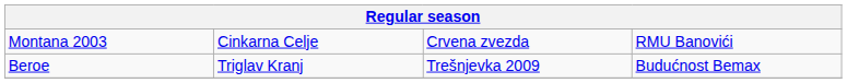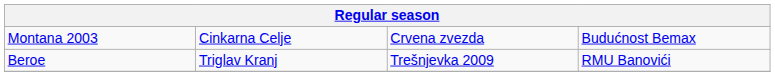 <table class="wikitable" style="white-space: nowrap;">
 <tr>
 <th colspan=4><a href='#'>Regular season</a></th>
 </tr>
 <tr>
 <td width=210> <a href='#'>Montana 2003</a></td>
 <td width=210> <a href='#'>Cinkarna Celje</a></td>
 <td width=210> <a href='#'>Crvena zvezda</a></td>
-<td width=210> <a href='#'>RMU Banovići</a></td>
+<td width=210> <a href='#'>Budućnost Bemax</a></td>
 </tr>
 <tr>
 <td width=210> <a href='#'>Beroe</a></td>
 <td width=210> <a href='#'>Triglav Kranj</a></td>
 <td width=210> <a href='#'>Trešnjevka 2009</a></td>
-<td width=210> <a href='#'>Budućnost Bemax</a></td>
+<td width=210> <a href='#'>RMU Banovići</a></td>
 </tr>
 <tr>
 </tr>
 </table>
